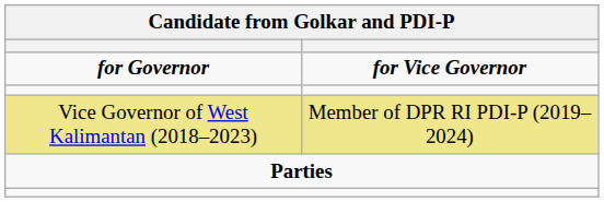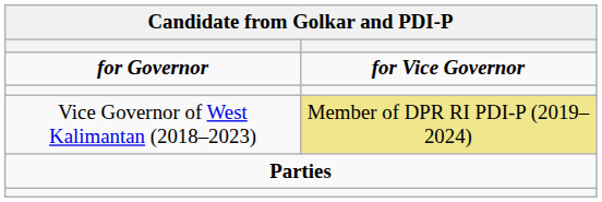 <table class="wikitable" style="font-size:90%; text-align:center;">
 <tr>
 <td colspan=2 style="background:#f1f1f1;"><strong>Candidate from Golkar and PDI-P</strong></td>
 </tr>
 <tr>
 <th style="font-size:135%; background:#"><a href='#'></a></th>
 <th style="font-size:135%; background:#"><a href='#'></a></th>
 </tr>
 <tr style="color:#000; font-size:100%; background:#">
 <td style="width:3em; width:200px;"><strong><em>for Governor</em></strong></td>
 <td style="width:3em; width:200px;"><strong><em>for Vice Governor</em></strong></td>
 </tr>
 <tr>
 <td></td>
 <td></td>
 </tr>
 <tr>
-<td style="background: khaki;">Vice Governor of <a href='#'>West Kalimantan</a> (2018–2023)</td>
+<td>Vice Governor of <a href='#'>West Kalimantan</a> (2018–2023)</td>
 <td style="background: khaki;">Member of DPR RI PDI-P (2019–2024)</td>
 </tr>
 <tr>
 <td colspan=2><strong>Parties</strong></td>
 </tr>
 <tr>
 <td colspan=2> </td>
 </tr>
 </table>
